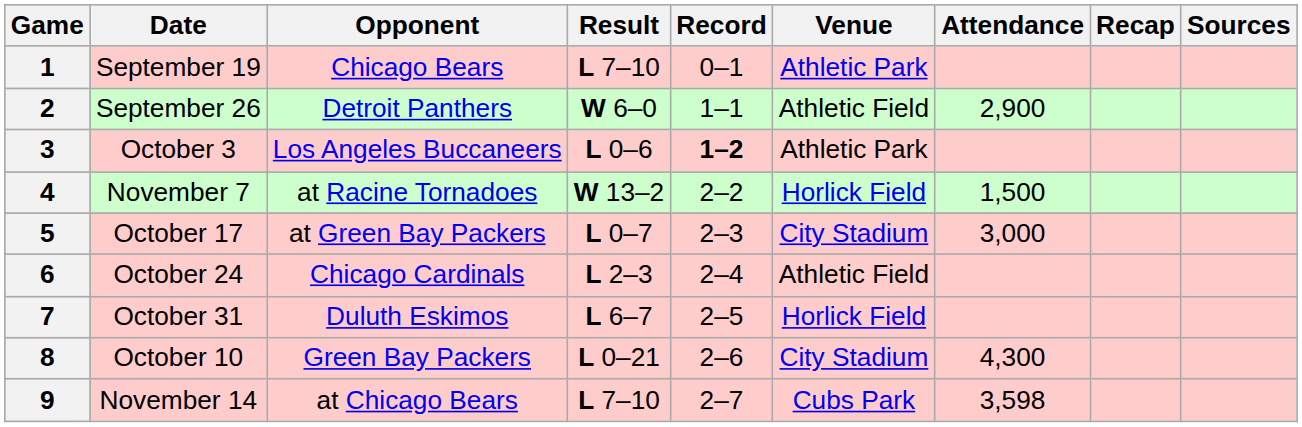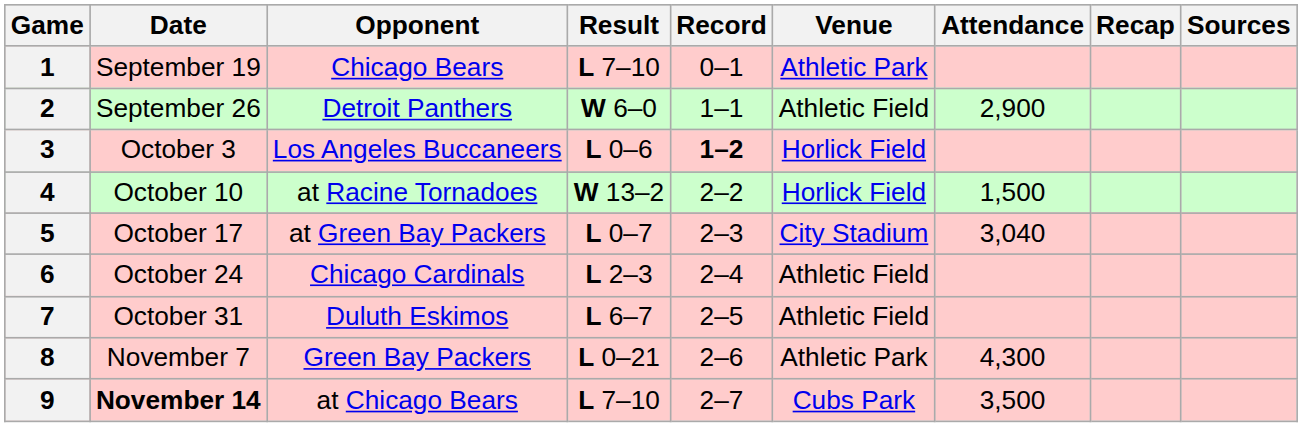 <table class="wikitable" style="text-align:center">
 <tr>
 <th>Game</th>
 <th>Date</th>
 <th>Opponent</th>
 <th>Result</th>
 <th>Record</th>
 <th>Venue</th>
 <th>Attendance</th>
 <th>Recap</th>
 <th>Sources</th>
 </tr>
 <tr style="background:#fcc">
 <th>1</th>
 <td>September 19</td>
 <td><a href='#'>Chicago Bears</a></td>
 <td><strong>L</strong> 7–10</td>
 <td>0–1</td>
 <td><a href='#'>Athletic Park</a></td>
 <td></td>
 <td></td>
 <td></td>
 </tr>
 <tr style="background:#cfc">
 <th>2</th>
 <td>September 26</td>
 <td><a href='#'>Detroit Panthers</a></td>
 <td><strong>W</strong> 6–0</td>
 <td>1–1</td>
 <td>Athletic Field</td>
 <td>2,900</td>
 <td></td>
 <td></td>
 </tr>
 <tr style="background:#fcc">
 <th>3</th>
 <td>October 3</td>
 <td><a href='#'>Los Angeles Buccaneers</a></td>
 <td><strong>L</strong> 0–6</td>
 <td><strong>1–2</strong></td>
-<td>Athletic Park</td>
+<td><a href='#'>Horlick Field</a></td>
 <td></td>
 <td></td>
 <td></td>
 </tr>
 <tr style="background:#cfc">
 <th>4</th>
-<td>November 7</td>
+<td>October 10</td>
 <td>at <a href='#'>Racine Tornadoes</a></td>
 <td><strong>W</strong> 13–2</td>
 <td>2–2</td>
 <td><a href='#'>Horlick Field</a></td>
 <td>1,500</td>
 <td></td>
 <td></td>
 </tr>
 <tr style="background:#fcc">
 <th>5</th>
 <td>October 17</td>
 <td>at <a href='#'>Green Bay Packers</a></td>
 <td><strong>L</strong> 0–7</td>
 <td>2–3</td>
 <td><a href='#'>City Stadium</a></td>
-<td>3,000</td>
+<td>3,040</td>
 <td></td>
 <td></td>
 </tr>
 <tr style="background:#fcc">
 <th>6</th>
 <td>October 24</td>
 <td><a href='#'>Chicago Cardinals</a></td>
 <td><strong>L</strong> 2–3</td>
 <td>2–4</td>
 <td>Athletic Field</td>
 <td></td>
 <td></td>
 <td></td>
 </tr>
 <tr style="background:#fcc">
 <th>7</th>
 <td>October 31</td>
 <td><a href='#'>Duluth Eskimos</a></td>
 <td><strong>L</strong> 6–7</td>
 <td>2–5</td>
-<td><a href='#'>Horlick Field</a></td>
+<td>Athletic Field</td>
 <td></td>
 <td></td>
 <td></td>
 </tr>
 <tr style="background:#fcc">
 <th>8</th>
-<td>October 10</td>
+<td>November 7</td>
 <td><a href='#'>Green Bay Packers</a></td>
 <td><strong>L</strong> 0–21</td>
 <td>2–6</td>
-<td><a href='#'>City Stadium</a></td>
+<td>Athletic Park</td>
 <td>4,300</td>
 <td></td>
 <td></td>
 </tr>
 <tr style="background:#fcc">
 <th>9</th>
-<td>November 14</td>
+<td><strong>November 14</strong></td>
 <td>at <a href='#'>Chicago Bears</a></td>
 <td><strong>L</strong> 7–10</td>
 <td>2–7</td>
 <td><a href='#'>Cubs Park</a></td>
-<td>3,598</td>
+<td>3,500</td>
 <td></td>
 <td></td>
 </tr>
 </table>
